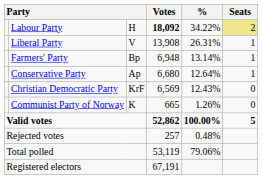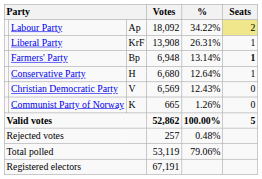 <table class="wikitable" border="1" style="text-align:right;">
 <tr>
 <th style="text-align:left;" colspan=3>Party</th>
 <th align=center width="50">Votes</th>
 <th align=center width="50">%</th>
 <th align=center width="50">Seats</th>
 </tr>
 <tr>
 <td style="color:inherit;background:"></td>
 <td align=left><a href='#'>Labour Party</a></td>
-<td align=left>H</td>
-<td><strong>18,092</strong></td>
+<td align=left>Ap</td>
+<td>18,092</td>
 <td>34.22%</td>
 <td style="background: khaki;">2</td>
 </tr>
 <tr>
 <td style="color:inherit;background:"></td>
 <td align=left><a href='#'>Liberal Party</a></td>
-<td align=left>V</td>
+<td align=left>KrF</td>
 <td>13,908</td>
 <td>26.31%</td>
 <td>1</td>
 </tr>
 <tr>
 <td style="color:inherit;background:"></td>
 <td align=left><a href='#'>Farmers' Party</a></td>
 <td align=left>Bp</td>
 <td>6,948</td>
 <td>13.14%</td>
-<td>1</td>
+<td><strong>1</strong></td>
 </tr>
 <tr>
 <td style="color:inherit;background:"></td>
 <td align=left><a href='#'>Conservative Party</a></td>
-<td align=left>Ap</td>
+<td align=left>H</td>
 <td>6,680</td>
 <td>12.64%</td>
 <td>1</td>
 </tr>
 <tr>
 <td style="color:inherit;background:"></td>
 <td align=left><a href='#'>Christian Democratic Party</a></td>
-<td align=left>KrF</td>
+<td align=left>V</td>
 <td>6,569</td>
 <td>12.43%</td>
 <td>0</td>
 </tr>
 <tr>
 <td style="color:inherit;background:"></td>
 <td align=left><a href='#'>Communist Party of Norway</a></td>
 <td align=left>K</td>
 <td>665</td>
 <td>1.26%</td>
 <td>0</td>
 </tr>
 <tr style="font-weight:bold">
 <td align=left colspan=3>Valid votes</td>
 <td>52,862</td>
 <td>100.00%</td>
 <td>5</td>
 </tr>
 <tr>
 <td align=left colspan=3>Rejected votes</td>
 <td>257</td>
 <td>0.48%</td>
 <td></td>
 </tr>
 <tr>
 <td align=left colspan=3>Total polled</td>
 <td>53,119</td>
 <td>79.06%</td>
 <td></td>
 </tr>
 <tr>
 <td align=left colspan=3>Registered electors</td>
 <td>67,191</td>
 <td></td>
 <td></td>
 </tr>
 </table>
